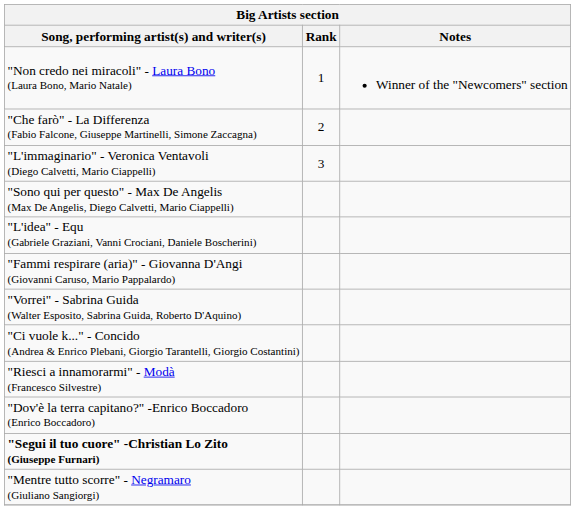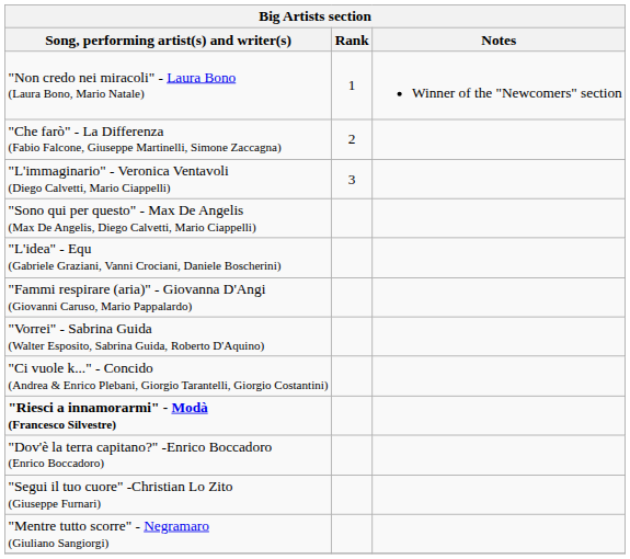 <table class="plainrowheaders wikitable">
 <tr>
 <th colspan="3">Big Artists section </th>
 </tr>
 <tr>
 <th>Song, performing artist(s) and writer(s)</th>
 <th>Rank</th>
 <th>Notes</th>
 </tr>
 <tr>
 <td>"Non credo nei miracoli" - <a href='#'>Laura Bono</a><br><small> 	 	(Laura Bono, Mario Natale)</small></td>
 <td align="center">1</td>
 <td><br><ul><li>Winner of the "Newcomers" section</li></ul></td>
 </tr>
 <tr>
 <td>"Che farò" - La Differenza<br><small> 	(Fabio Falcone, Giuseppe Martinelli, Simone Zaccagna)	</small></td>
 <td align="center">2</td>
 <td></td>
 </tr>
 <tr>
 <td>"L'immaginario" - Veronica Ventavoli<br><small> 	(Diego Calvetti, Mario Ciappelli) 	</small></td>
 <td align="center">3</td>
 <td></td>
 </tr>
 <tr>
 <td>"Sono qui per questo" -   	Max De Angelis<br> <small> 	 	(Max De Angelis, Diego Calvetti, Mario Ciappelli) 	</small></td>
 <td></td>
 <td></td>
 </tr>
 <tr>
 <td>"L'idea" -  Equ <br> <small> 	 	(Gabriele Graziani, Vanni Crociani, Daniele Boscherini) 	</small></td>
 <td></td>
 <td></td>
 </tr>
 <tr>
 <td>"Fammi respirare (aria)" -  Giovanna D'Angi <br> <small> 	 	(Giovanni Caruso, Mario Pappalardo) 	</small></td>
 <td></td>
 <td></td>
 </tr>
 <tr>
 <td>"Vorrei" -  Sabrina Guida<br> <small> 	 	(Walter Esposito, Sabrina Guida, Roberto D'Aquino) 	</small></td>
 <td></td>
 <td></td>
 </tr>
 <tr>
 <td>"Ci vuole k..." -   Concido <br> <small> 	 (Andrea & Enrico Plebani, Giorgio Tarantelli, Giorgio Costantini) 	</small></td>
 <td></td>
 <td></td>
 </tr>
 <tr>
-<td>"Riesci a innamorarmi" -  <a href='#'>Modà</a> <br> <small> 	 	(Francesco Silvestre) 	</small></td>
+<td><strong>"Riesci a innamorarmi" -  <a href='#'>Modà</a> <br> <small> 	 	(Francesco Silvestre) 	</small></strong></td>
 <td></td>
 <td></td>
 </tr>
 <tr>
 <td>"Dov'è la terra capitano?" -Enrico Boccadoro<br> <small> 	 	 	(Enrico Boccadoro)</small></td>
 <td></td>
 <td></td>
 </tr>
 <tr>
-<td><strong>"Segui il tuo cuore" -Christian Lo Zito <br> <small> 	 	 	(Giuseppe Furnari)</small></strong></td>
+<td>"Segui il tuo cuore" -Christian Lo Zito <br> <small> 	 	 	(Giuseppe Furnari)</small></td>
 <td></td>
 <td></td>
 </tr>
 <tr>
 <td>"Mentre tutto scorre" - 	<a href='#'>Negramaro</a> <br> <small> 	 	 	(Giuliano Sangiorgi)</small></td>
 <td></td>
 <td></td>
 </tr>
 <tr>
 </tr>
 </table>
